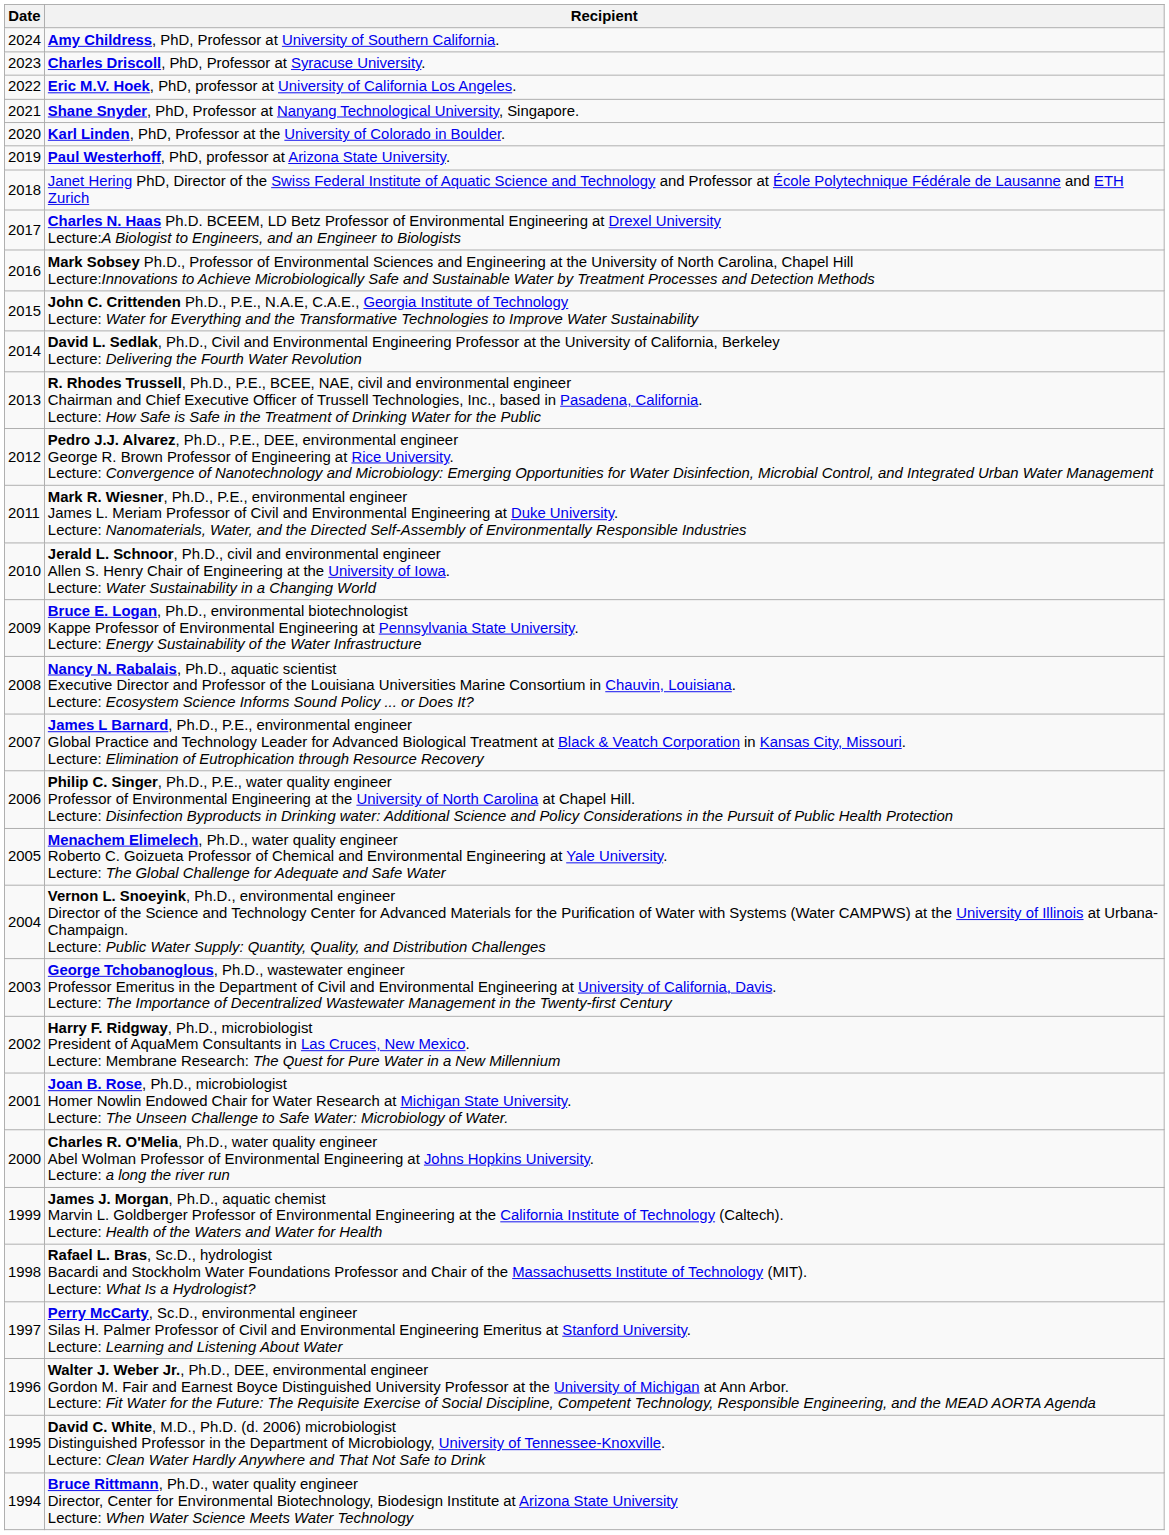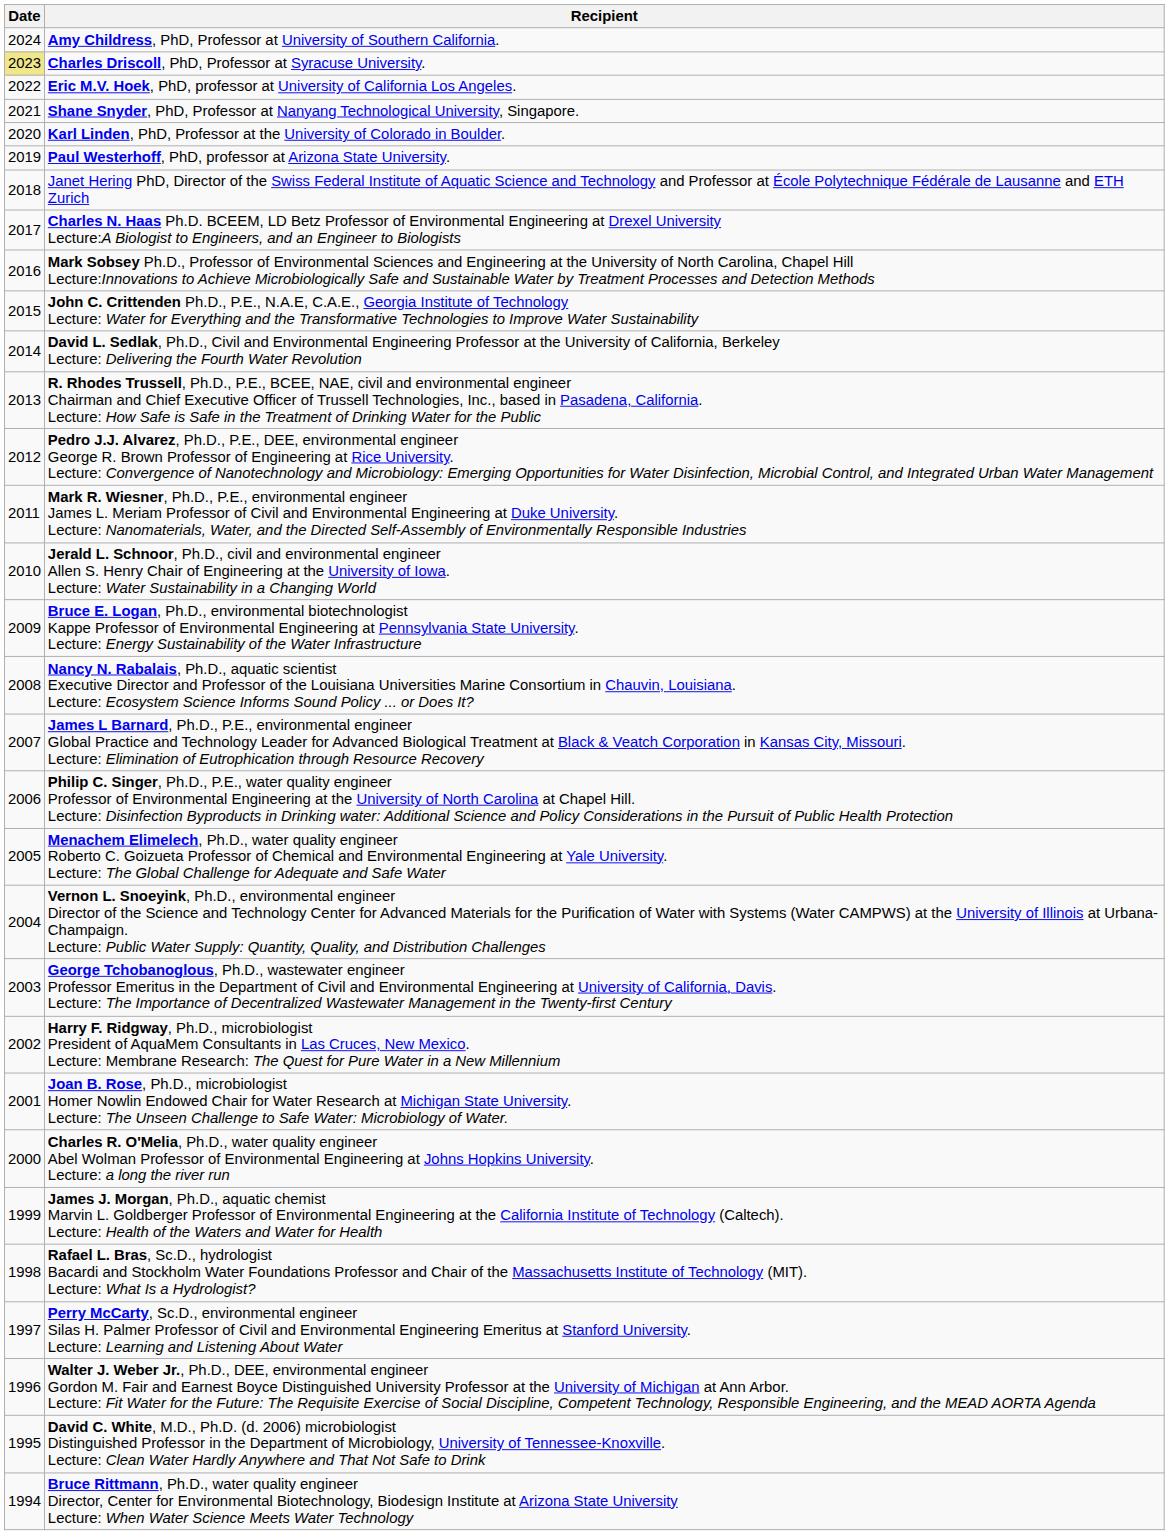 <table class="wikitable">
 <tr>
 <th>Date</th>
 <th>Recipient</th>
 </tr>
 <tr>
 <td>2024</td>
 <td><strong><a href='#'>Amy Childress</a></strong>, PhD, Professor at <a href='#'>University of Southern California</a>.</td>
 </tr>
 <tr>
-<td>2023</td>
+<td style="background: khaki;">2023</td>
 <td><strong><a href='#'>Charles Driscoll</a></strong>, PhD, Professor at <a href='#'>Syracuse University</a>.</td>
 </tr>
 <tr>
 <td>2022</td>
 <td><strong><a href='#'>Eric M.V. Hoek</a></strong>, PhD, professor at <a href='#'>University of California Los Angeles</a>.</td>
 </tr>
 <tr>
 <td>2021</td>
 <td><strong><a href='#'>Shane Snyder</a></strong>, PhD, Professor at <a href='#'>Nanyang Technological University</a>, Singapore.</td>
 </tr>
 <tr>
 <td>2020</td>
 <td><strong><a href='#'>Karl Linden</a></strong>, PhD, Professor at the <a href='#'>University of Colorado in Boulder</a>.</td>
 </tr>
 <tr>
 <td>2019</td>
 <td><strong><a href='#'>Paul Westerhoff</a></strong>, PhD, professor at <a href='#'>Arizona State University</a>.</td>
 </tr>
 <tr>
 <td>2018</td>
 <td><a href='#'>Janet Hering</a> PhD, Director of the <a href='#'>Swiss Federal Institute of Aquatic Science and Technology</a> and Professor at <a href='#'>École Polytechnique Fédérale de Lausanne</a> and <a href='#'>ETH Zurich</a></td>
 </tr>
 <tr>
 <td>2017</td>
 <td><strong><a href='#'>Charles N. Haas</a></strong> Ph.D. BCEEM, LD Betz Professor of Environmental Engineering at <a href='#'>Drexel University</a> <br>Lecture:<em>A Biologist to Engineers, and an Engineer to Biologists</em> </td>
 </tr>
 <tr>
 <td>2016</td>
 <td><strong>Mark Sobsey</strong> Ph.D., Professor of Environmental Sciences and Engineering at the University of North Carolina, Chapel Hill<br>Lecture:<em>Innovations to Achieve Microbiologically Safe and Sustainable Water by Treatment Processes and Detection Methods</em></td>
 </tr>
 <tr>
 <td>2015</td>
 <td><strong>John C. Crittenden</strong> Ph.D., P.E., N.A.E, C.A.E., <a href='#'>Georgia Institute of Technology</a> <br>Lecture: <em>Water for Everything and the Transformative Technologies to Improve Water Sustainability</em></td>
 </tr>
 <tr>
 <td>2014</td>
 <td><strong>David L. Sedlak</strong>, Ph.D., Civil and Environmental Engineering Professor at the University of California, Berkeley<br>Lecture: <em>Delivering the Fourth Water Revolution</em></td>
 </tr>
 <tr>
 <td>2013</td>
 <td><strong>R. Rhodes Trussell</strong>, Ph.D., P.E., BCEE, NAE, civil and environmental engineer<br>Chairman and Chief Executive Officer of Trussell Technologies, Inc., based in <a href='#'>Pasadena, California</a>. <br>Lecture: <em>How Safe is Safe in the Treatment of Drinking Water for the Public</em></td>
 </tr>
 <tr>
 <td>2012</td>
 <td><strong>Pedro J.J. Alvarez</strong>, Ph.D., P.E., DEE, environmental engineer<br>George R. Brown Professor of Engineering at <a href='#'>Rice University</a>. <br>Lecture: <em>Convergence of Nanotechnology and Microbiology: Emerging Opportunities for Water Disinfection, Microbial Control, and Integrated Urban Water Management</em></td>
 </tr>
 <tr>
 <td>2011</td>
 <td><strong>Mark R. Wiesner</strong>, Ph.D., P.E., environmental engineer<br>James L. Meriam Professor of Civil and Environmental Engineering at <a href='#'>Duke University</a>. <br>Lecture: <em>Nanomaterials, Water, and the Directed Self-Assembly of Environmentally Responsible Industries</em></td>
 </tr>
 <tr>
 <td>2010</td>
 <td><strong>Jerald L. Schnoor</strong>, Ph.D., civil and environmental engineer<br>Allen S. Henry Chair of Engineering at the <a href='#'>University of Iowa</a>. <br>Lecture: <em>Water Sustainability in a Changing World</em></td>
 </tr>
 <tr>
 <td>2009</td>
 <td><strong><a href='#'>Bruce E. Logan</a></strong>, Ph.D., environmental biotechnologist<br>Kappe Professor of Environmental Engineering at <a href='#'>Pennsylvania State University</a>. <br>Lecture: <em>Energy Sustainability of the Water Infrastructure</em></td>
 </tr>
 <tr>
 <td>2008</td>
 <td><strong><a href='#'>Nancy N. Rabalais</a></strong>, Ph.D., aquatic scientist<br>Executive Director and Professor of the Louisiana Universities Marine Consortium in <a href='#'>Chauvin, Louisiana</a>. <br>Lecture: <em>Ecosystem Science Informs Sound Policy ... or Does It?</em></td>
 </tr>
 <tr>
 <td>2007</td>
 <td><strong><a href='#'>James L Barnard</a></strong>, Ph.D., P.E., environmental engineer<br>Global Practice and Technology Leader for Advanced Biological Treatment at <a href='#'>Black & Veatch Corporation</a> in <a href='#'>Kansas City, Missouri</a>. <br>Lecture: <em>Elimination of Eutrophication through Resource Recovery</em></td>
 </tr>
 <tr>
 <td>2006</td>
 <td><strong>Philip C. Singer</strong>, Ph.D., P.E., water quality engineer<br>Professor of Environmental Engineering at the <a href='#'>University of North Carolina</a> at Chapel Hill. <br>Lecture: <em>Disinfection Byproducts in Drinking water: Additional Science and Policy Considerations in the Pursuit of Public Health Protection</em></td>
 </tr>
 <tr>
 <td>2005</td>
 <td><strong><a href='#'>Menachem Elimelech</a></strong>, Ph.D., water quality engineer<br>Roberto C. Goizueta Professor of Chemical and Environmental Engineering at <a href='#'>Yale University</a>.  <br>Lecture: <em>The Global Challenge for Adequate and Safe Water</em></td>
 </tr>
 <tr>
 <td>2004</td>
 <td><strong>Vernon L. Snoeyink</strong>, Ph.D., environmental engineer<br>Director of the Science and Technology Center for Advanced Materials for the Purification of Water with Systems (Water CAMPWS) at the <a href='#'>University of Illinois</a> at Urbana-Champaign.  <br>Lecture: <em>Public Water Supply: Quantity, Quality, and Distribution Challenges</em></td>
 </tr>
 <tr>
 <td>2003</td>
 <td><strong><a href='#'>George Tchobanoglous</a></strong>, Ph.D., wastewater engineer<br>Professor Emeritus in the Department of Civil and Environmental Engineering at <a href='#'>University of California, Davis</a>.  <br>Lecture: <em>The Importance of Decentralized Wastewater Management in the Twenty-first Century</em></td>
 </tr>
 <tr>
 <td>2002</td>
 <td><strong>Harry F. Ridgway</strong>, Ph.D., microbiologist<br>President of AquaMem Consultants in <a href='#'>Las Cruces, New Mexico</a>.  <br>Lecture: Membrane Research: <em>The Quest for Pure Water in a New Millennium</em></td>
 </tr>
 <tr>
 <td>2001</td>
 <td><strong><a href='#'>Joan B. Rose</a></strong>, Ph.D., microbiologist<br>Homer Nowlin Endowed Chair for Water Research at <a href='#'>Michigan State University</a>.  <br>Lecture: <em>The Unseen Challenge to Safe Water: Microbiology of Water.</em></td>
 </tr>
 <tr>
 <td>2000</td>
 <td><strong>Charles R. O'Melia</strong>, Ph.D., water quality engineer<br>Abel Wolman Professor of Environmental Engineering at <a href='#'>Johns Hopkins University</a>.  <br>Lecture: <em>a long the river run</em></td>
 </tr>
 <tr>
 <td>1999</td>
 <td><strong>James J. Morgan</strong>, Ph.D., aquatic chemist<br>Marvin L. Goldberger Professor of Environmental Engineering at the <a href='#'>California Institute of Technology</a> (Caltech).  <br>Lecture: <em>Health of the Waters and Water for Health</em></td>
 </tr>
 <tr>
 <td>1998</td>
 <td><strong>Rafael L. Bras</strong>, Sc.D., hydrologist<br>Bacardi and Stockholm Water Foundations Professor and Chair of the <a href='#'>Massachusetts Institute of Technology</a> (MIT). <br>Lecture: <em>What Is a Hydrologist?</em></td>
 </tr>
 <tr>
 <td>1997</td>
 <td><strong><a href='#'>Perry McCarty</a></strong>, Sc.D., environmental engineer<br>Silas H. Palmer Professor of Civil and Environmental Engineering Emeritus at <a href='#'>Stanford University</a>.  <br>Lecture: <em>Learning and Listening About Water</em></td>
 </tr>
 <tr>
 <td>1996</td>
 <td><strong>Walter J. Weber Jr.</strong>, Ph.D., DEE, environmental engineer<br>Gordon M. Fair and Earnest Boyce Distinguished University Professor at the <a href='#'>University of Michigan</a> at Ann Arbor.  <br>Lecture: <em>Fit Water for the Future: The Requisite Exercise of Social Discipline, Competent Technology, Responsible Engineering, and the MEAD AORTA Agenda</em></td>
 </tr>
 <tr>
 <td>1995</td>
 <td><strong>David C. White</strong>, M.D., Ph.D. (d. 2006) microbiologist<br>Distinguished Professor in the Department of Microbiology, <a href='#'>University of Tennessee-Knoxville</a>.  <br>Lecture: <em>Clean Water Hardly Anywhere and That Not Safe to Drink</em></td>
 </tr>
 <tr>
 <td>1994</td>
 <td><strong><a href='#'>Bruce Rittmann</a></strong>, Ph.D., water quality engineer<br>Director, Center for Environmental Biotechnology, Biodesign Institute at <a href='#'>Arizona State University</a> <br>Lecture: <em>When Water Science Meets Water Technology</em></td>
 </tr>
 </table>
